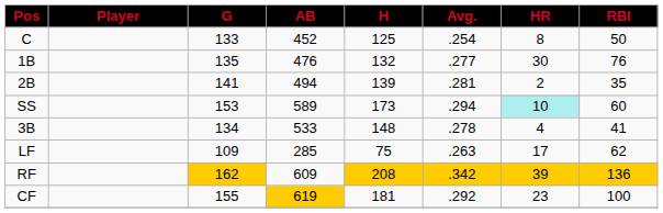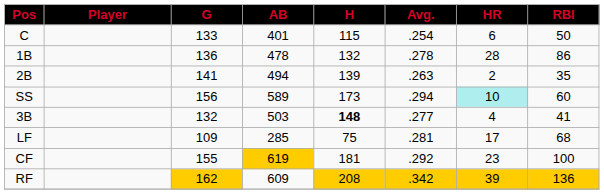 <table class="wikitable sortable">
 <tr>
 <th style="background:black;color:#d40026;" width="5%">Pos</th>
 <th style="background:black;color:#d40026;" width="16%">Player</th>
 <th style="background:black;color:#d40026;" width="9%">G</th>
 <th style="background:black;color:#d40026;" width="9%">AB</th>
 <th style="background:black;color:#d40026;" width="9%">H</th>
 <th style="background:black;color:#d40026;" width="9%">Avg.</th>
 <th style="background:black;color:#d40026;" width="9%">HR</th>
 <th style="background:black;color:#d40026;" width="9%">RBI</th>
 </tr>
 <tr align="center">
 <td>C</td>
 <td></td>
 <td>133</td>
-<td>452</td>
-<td>125</td>
+<td>401</td>
+<td>115</td>
 <td>.254</td>
-<td>8</td>
+<td>6</td>
 <td>50</td>
 </tr>
 <tr align="center">
 <td>1B</td>
 <td></td>
-<td>135</td>
-<td>476</td>
+<td>136</td>
+<td>478</td>
 <td>132</td>
-<td>.277</td>
-<td>30</td>
-<td>76</td>
+<td>.278</td>
+<td>28</td>
+<td>86</td>
 </tr>
 <tr align="center">
 <td>2B</td>
 <td></td>
 <td>141</td>
 <td>494</td>
 <td>139</td>
-<td>.281</td>
+<td>.263</td>
 <td>2</td>
 <td>35</td>
 </tr>
 <tr align="center">
 <td>SS</td>
 <td></td>
-<td>153</td>
+<td>156</td>
 <td>589</td>
 <td>173</td>
 <td>.294</td>
 <td style="background: paleturquoise;">10</td>
 <td>60</td>
 </tr>
 <tr align="center">
 <td>3B</td>
 <td></td>
-<td>134</td>
-<td>533</td>
-<td>148</td>
-<td>.278</td>
+<td>132</td>
+<td>503</td>
+<td><strong>148</strong></td>
+<td>.277</td>
 <td>4</td>
 <td>41</td>
 </tr>
 <tr align="center">
 <td>LF</td>
 <td></td>
 <td>109</td>
 <td>285</td>
 <td>75</td>
-<td>.263</td>
+<td>.281</td>
 <td>17</td>
-<td>62</td>
+<td>68</td>
+</tr>
+<tr align="center">
+<td>CF</td>
+<td></td>
+<td>155</td>
+<td style="background:#fc0;">619</td>
+<td>181</td>
+<td>.292</td>
+<td>23</td>
+<td>100</td>
 </tr>
 <tr align="center">
 <td>RF</td>
 <td></td>
 <td style="background:#fc0;">162</td>
 <td>609</td>
 <td style="background:#fc0;">208</td>
 <td style="background:#fc0;">.342</td>
 <td style="background:#fc0;">39</td>
 <td style="background:#fc0;">136</td>
 </tr>
 <tr align="center">
-<td>CF</td>
-<td></td>
-<td>155</td>
-<td style="background:#fc0;">619</td>
-<td>181</td>
-<td>.292</td>
-<td>23</td>
-<td>100</td>
-</tr>
-<tr align="center">
 </tr>
 </table>
